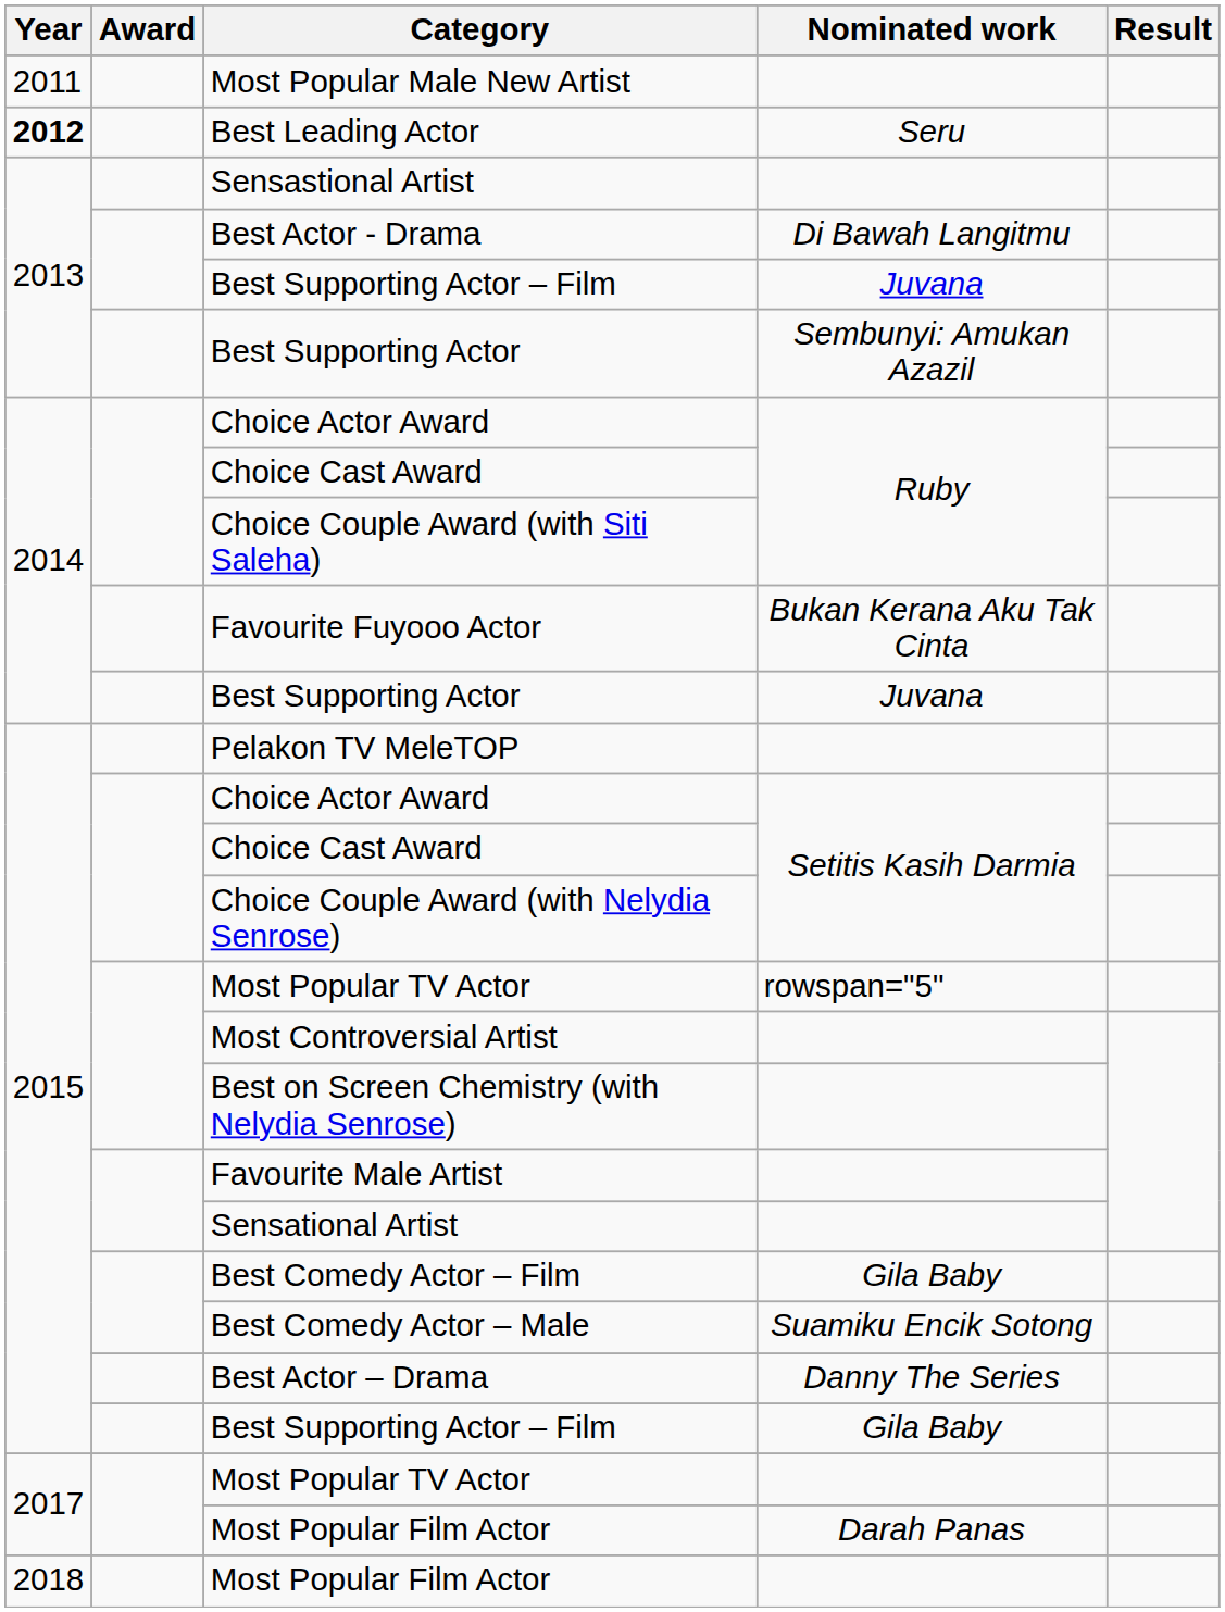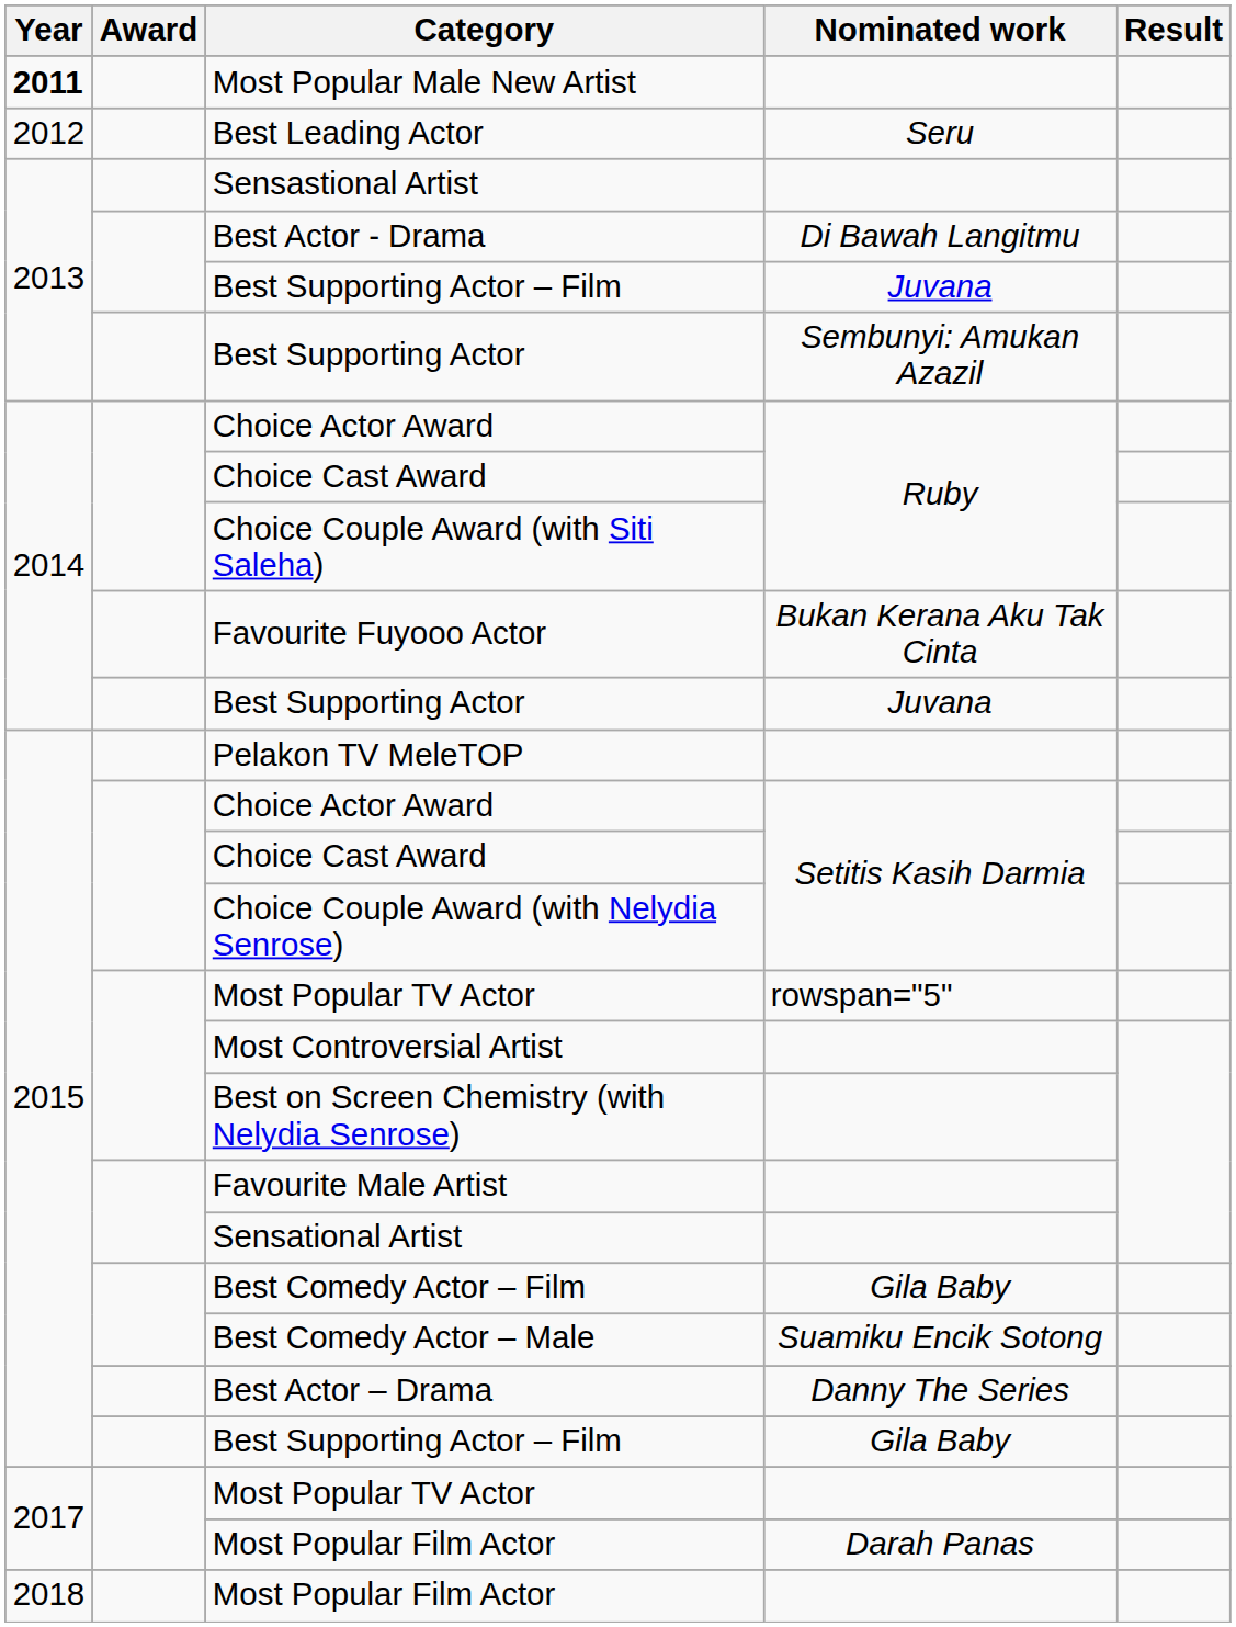 <table class="wikitable">
 <tr style="text-align:center;">
 <th>Year</th>
 <th>Award</th>
 <th>Category</th>
 <th>Nominated work</th>
 <th>Result</th>
 </tr>
 <tr>
-<td>2011</td>
+<td><strong>2011</strong></td>
 <td></td>
 <td>Most Popular Male New Artist</td>
 <td></td>
 <td></td>
 </tr>
 <tr>
-<td><strong>2012</strong></td>
+<td>2012</td>
 <td></td>
 <td>Best Leading Actor</td>
 <td style="text-align:center;"><em>Seru</em></td>
 <td></td>
 </tr>
 <tr>
 <td rowspan="4">2013</td>
 <td></td>
 <td>Sensastional Artist</td>
 <td></td>
 <td></td>
 </tr>
 <tr>
 <td rowspan="2"></td>
 <td>Best Actor - Drama</td>
 <td style="text-align:center;"><em>Di Bawah Langitmu</em></td>
 <td></td>
 </tr>
 <tr>
 <td>Best Supporting Actor – Film</td>
 <td style="text-align:center;"><em><a href='#'>Juvana</a></em></td>
 <td></td>
 </tr>
 <tr>
 <td></td>
 <td>Best Supporting Actor</td>
 <td style="text-align:center;"><em>Sembunyi: Amukan Azazil</em></td>
 <td></td>
 </tr>
 <tr>
 <td rowspan="5">2014</td>
 <td rowspan="3"></td>
 <td>Choice Actor Award</td>
 <td rowspan="3" style="text-align:center;"><em>Ruby</em></td>
 <td></td>
 </tr>
 <tr>
 <td>Choice Cast Award</td>
 <td></td>
 </tr>
 <tr>
 <td>Choice Couple Award (with <a href='#'>Siti Saleha</a>)</td>
 <td></td>
 </tr>
 <tr>
 <td></td>
 <td>Favourite Fuyooo Actor</td>
 <td style="text-align:center;"><em>Bukan Kerana Aku Tak Cinta</em></td>
 <td></td>
 </tr>
 <tr>
 <td></td>
 <td>Best Supporting Actor</td>
 <td style="text-align:center;"><em>Juvana</em></td>
 <td></td>
 </tr>
 <tr>
 <td rowspan="13">2015</td>
 <td></td>
 <td>Pelakon TV MeleTOP</td>
 <td></td>
 <td></td>
 </tr>
 <tr>
 <td rowspan="3"></td>
 <td>Choice Actor Award</td>
 <td rowspan="3" style="text-align:center;"><em>Setitis Kasih Darmia</em></td>
 <td></td>
 </tr>
 <tr>
 <td>Choice Cast Award</td>
 <td></td>
 </tr>
 <tr>
 <td>Choice Couple Award (with <a href='#'>Nelydia Senrose</a>)</td>
 <td></td>
 </tr>
 <tr>
 <td rowspan="3"></td>
 <td>Most Popular TV Actor</td>
 <td>rowspan="5" </td>
 <td></td>
 </tr>
 <tr>
 <td>Most Controversial Artist</td>
 <td></td>
 </tr>
 <tr>
 <td>Best on Screen Chemistry (with <a href='#'>Nelydia Senrose</a>)</td>
 <td></td>
 </tr>
 <tr>
 <td rowspan="2"></td>
 <td>Favourite Male Artist</td>
 <td></td>
 </tr>
 <tr>
 <td>Sensational Artist</td>
 <td></td>
 </tr>
 <tr>
 <td rowspan="2"></td>
 <td>Best Comedy Actor – Film</td>
 <td style="text-align:center;"><em>Gila Baby</em></td>
 <td></td>
 </tr>
 <tr>
 <td>Best Comedy Actor – Male</td>
 <td style="text-align:center;"><em>Suamiku Encik Sotong</em></td>
 <td></td>
 </tr>
 <tr>
 <td></td>
 <td>Best Actor – Drama</td>
 <td style="text-align:center;"><em>Danny The Series</em></td>
 <td></td>
 </tr>
 <tr>
 <td></td>
 <td>Best Supporting Actor – Film</td>
 <td style="text-align:center;"><em>Gila Baby</em></td>
 <td></td>
 </tr>
 <tr>
 <td rowspan="2">2017</td>
 <td rowspan="2"></td>
 <td>Most Popular TV Actor</td>
 <td></td>
 <td></td>
 </tr>
 <tr>
 <td>Most Popular Film Actor</td>
 <td style="text-align:center;"><em>Darah Panas</em></td>
 <td></td>
 </tr>
 <tr>
 <td>2018</td>
 <td></td>
 <td>Most Popular Film Actor</td>
 <td></td>
 <td></td>
 </tr>
 </table>
